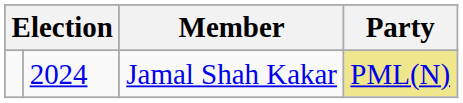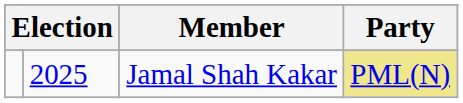 <table class="wikitable">
 <tr>
 <th colspan="2">Election</th>
 <th>Member</th>
 <th>Party</th>
 </tr>
 <tr>
 <td style="background-color: "></td>
-<td><a href='#'>2024</a></td>
+<td><a href='#'>2025</a></td>
 <td><a href='#'>Jamal Shah Kakar</a></td>
 <td style="background: khaki;"><a href='#'>PML(N)</a></td>
 </tr>
 </table>
